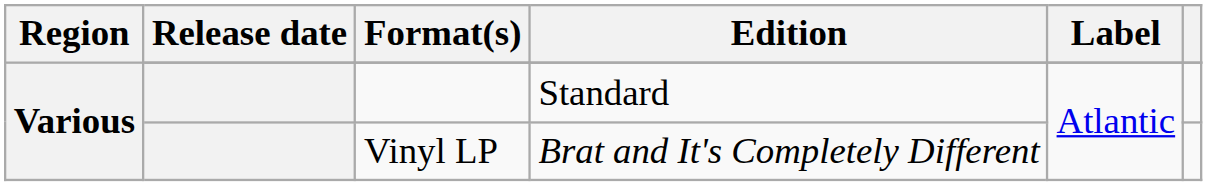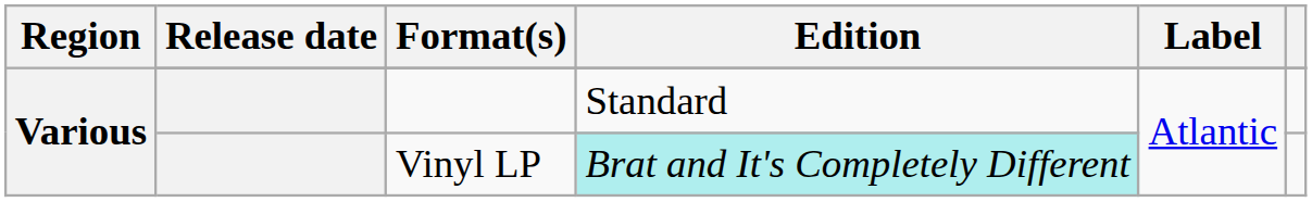 <table class="wikitable plainrowheaders">
 <tr>
 <th scope="col">Region</th>
 <th scope="col">Release date</th>
 <th scope="col">Format(s)</th>
 <th scope="col">Edition</th>
 <th scope="col">Label</th>
 <th scope="col" class="unsortable"></th>
 </tr>
 <tr>
 <th scope="row" rowspan="3">Various</th>
 </tr>
 <tr>
 <th scope="row" rowspan="1"></th>
 <td></td>
 <td>Standard</td>
 <td rowspan="2"><a href='#'>Atlantic</a></td>
 <td style="text-align:center"></td>
 </tr>
 <tr>
 <th scope="row"></th>
 <td>Vinyl LP</td>
-<td><em>Brat and It's Completely Different</em></td>
+<td style="background: paleturquoise;"><em>Brat and It's Completely Different</em></td>
 <td style="text-align:center"></td>
 </tr>
 </table>
